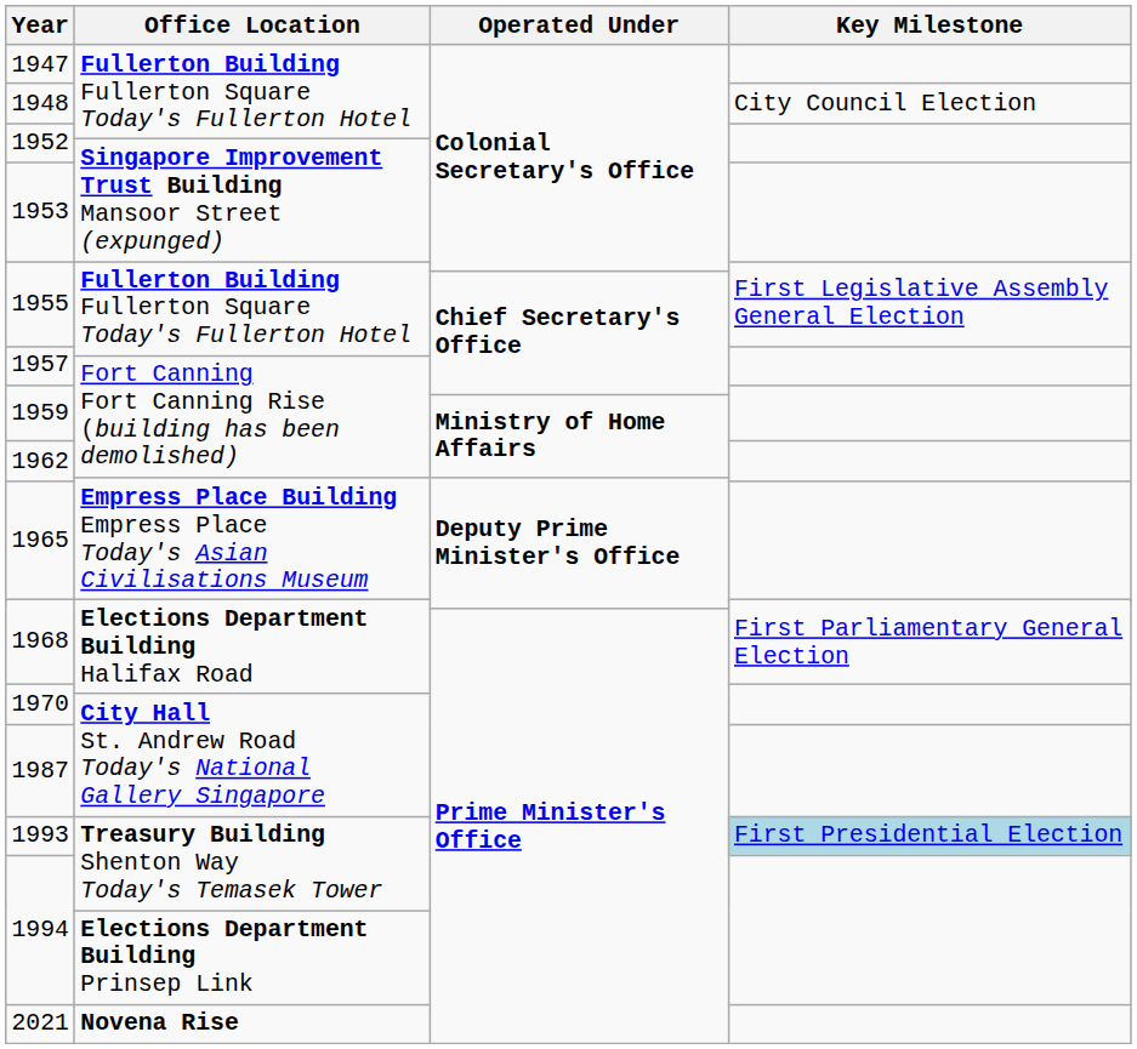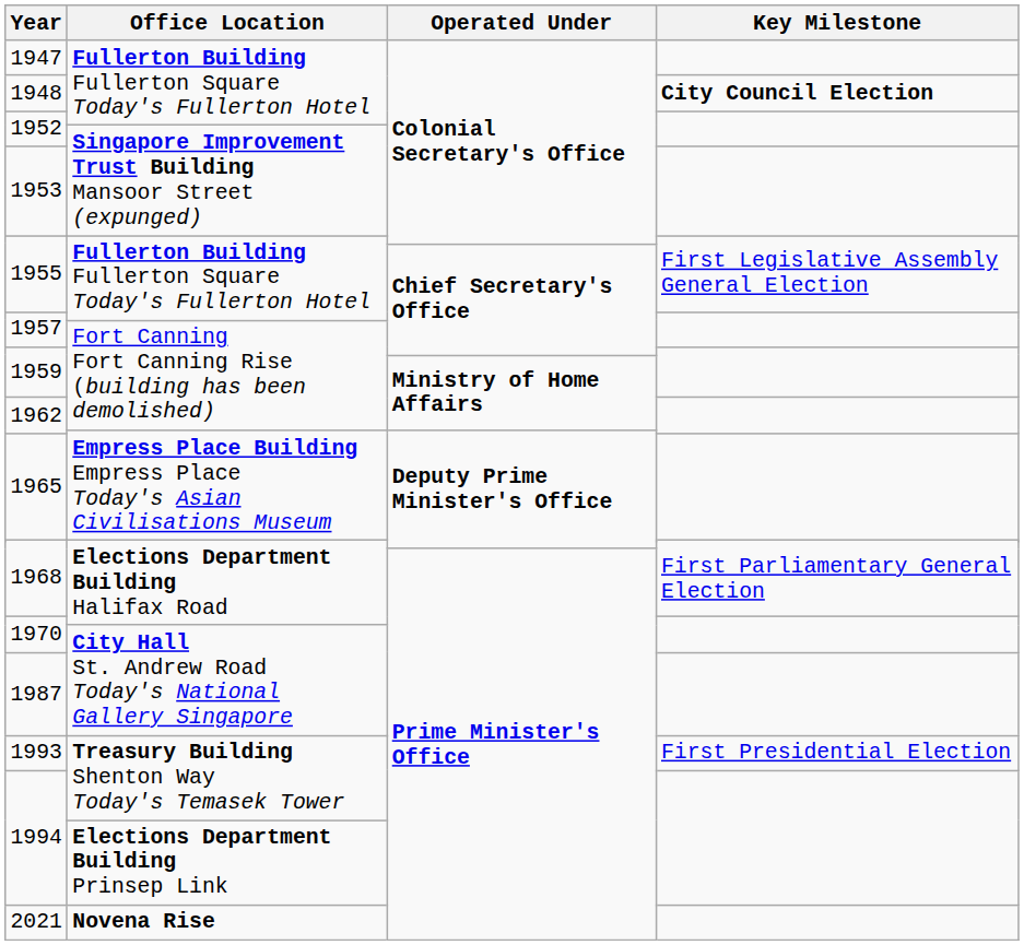 <table class="wikitable mw-collapsible mw-collapsed">
 <tr>
 <th>Year</th>
 <th>Office Location</th>
 <th>Operated Under</th>
 <th>Key Milestone</th>
 </tr>
 <tr>
 <td>1947</td>
 <td rowspan="3"><strong><a href='#'>Fullerton Building</a></strong><br>Fullerton Square<br><em>Today's Fullerton Hotel</em></td>
 <td rowspan="7"><strong>Colonial Secretary's Office</strong></td>
 <td></td>
 </tr>
 <tr>
 <td>1948</td>
-<td>City Council Election</td>
+<td><strong>City Council Election</strong></td>
 </tr>
 <tr>
 <td rowspan="2">1952</td>
 <td rowspan="2"></td>
 </tr>
 <tr>
 <td rowspan="2"><strong><a href='#'>Singapore Improvement Trust</a> Building</strong><br>Mansoor Street<br><em>(expunged)</em></td>
 </tr>
 <tr>
 <td rowspan="2">1953</td>
 <td rowspan="2"></td>
 </tr>
 <tr>
 <td rowspan="4"><strong><a href='#'>Fullerton Building</a></strong><br>Fullerton Square<br><em>Today's Fullerton Hotel</em></td>
 </tr>
 <tr>
 <td rowspan="2">1955</td>
 <td rowspan="2"><a href='#'>First Legislative Assembly General Election</a></td>
 </tr>
 <tr>
 <td rowspan="4"><strong>Chief Secretary's Office</strong></td>
 </tr>
 <tr>
 <td rowspan="2">1957</td>
 <td rowspan="2"></td>
 </tr>
 <tr>
 <td rowspan="4"><a href='#'>Fort Canning</a><br>Fort Canning Rise<br>(<em>building has been demolished)</em></td>
 </tr>
 <tr>
 <td rowspan="2">1959</td>
 <td rowspan="2"></td>
 </tr>
 <tr>
 <td rowspan="2"><strong>Ministry of Home Affairs</strong></td>
 </tr>
 <tr>
 <td rowspan="2">1962</td>
 <td rowspan="2"></td>
 </tr>
 <tr>
 <td rowspan="2"><strong><a href='#'>Empress Place Building</a></strong><br>Empress Place<br><em>Today's <a href='#'>Asian Civilisations Museum</a></em></td>
 <td rowspan="4"><strong>Deputy Prime Minister's Office</strong></td>
 </tr>
 <tr>
 <td rowspan="2">1965</td>
 <td rowspan="2"></td>
 </tr>
 <tr>
 <td rowspan="4"><strong>Elections Department Building</strong><br>Halifax Road</td>
 </tr>
 <tr>
 <td rowspan="2">1968</td>
 <td rowspan="2"><a href='#'>First Parliamentary General Election</a></td>
 </tr>
 <tr>
 <td rowspan="9"><a href='#'><strong>Prime Minister's Office</strong></a></td>
 </tr>
 <tr>
 <td rowspan="2">1970</td>
 <td rowspan="2"></td>
 </tr>
 <tr>
 <td rowspan="2"><a href='#'><strong>City Hall</strong></a><br>St. Andrew Road<br><em>Today's <a href='#'>National Gallery Singapore</a></em></td>
 </tr>
 <tr>
 <td rowspan="2">1987</td>
 <td rowspan="2"></td>
 </tr>
 <tr>
 <td rowspan="3"><strong>Treasury Building</strong><br>Shenton Way<br><em>Today's Temasek Tower</em></td>
 </tr>
 <tr>
 <td>1993</td>
-<td style="background: lightblue;"><a href='#'>First Presidential Election</a></td>
+<td><a href='#'>First Presidential Election</a></td>
 </tr>
 <tr>
 <td rowspan="2">1994</td>
 <td rowspan="2"></td>
 </tr>
 <tr>
 <td><strong>Elections Department Building</strong><br>Prinsep Link</td>
 </tr>
 <tr>
 <td>2021</td>
 <td><strong>Novena Rise</strong></td>
 <td></td>
 </tr>
 </table>
